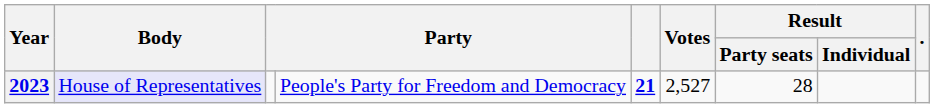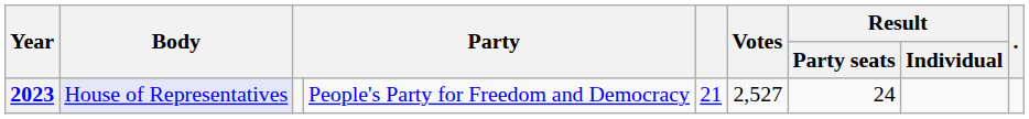 <table class="wikitable plainrowheaders sortable" border=2 cellpadding=4 cellspacing=0 style="border: 1px #aaa solid; font-size: 90%; text-align:center;">
 <tr>
 <th scope="col" rowspan=2>Year</th>
 <th scope="col" rowspan=2>Body</th>
 <th scope="col" colspan=2 rowspan=2>Party</th>
 <th scope="col" rowspan=2></th>
 <th scope="col" rowspan=2>Votes</th>
 <th scope="colgroup" colspan=2>Result</th>
 <th scope="col" rowspan=2 class="unsortable">.</th>
 </tr>
 <tr>
 <th scope="col">Party seats</th>
 <th scope="col">Individual</th>
 </tr>
 <tr>
 <th scope="row"><a href='#'>2023</a></th>
 <td style="background: lavender;"><a href='#'>House of Representatives</a></td>
 <td style="background-color:"></td>
 <td><a href='#'>People's Party for Freedom and Democracy</a></td>
-<td style=text-align:right><strong><a href='#'>21</a></strong></td>
+<td style=text-align:right><a href='#'>21</a></td>
 <td style=text-align:right>2,527</td>
-<td style=text-align:right>28</td>
+<td style=text-align:right>24</td>
 <td></td>
 <td></td>
 </tr>
 </table>
